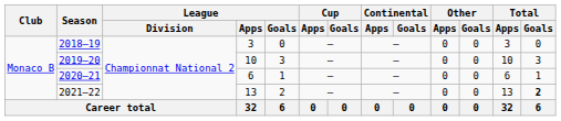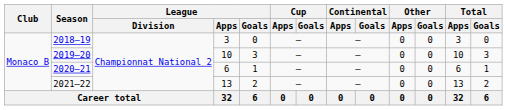 <table class="wikitable" style="text-align: center">
 <tr>
 <th rowspan="2">Club</th>
 <th rowspan="2">Season</th>
 <th colspan="3">League</th>
 <th colspan="2">Cup</th>
 <th colspan="2">Continental</th>
 <th colspan="2">Other</th>
 <th colspan="2">Total</th>
 </tr>
 <tr>
 <th>Division</th>
 <th>Apps</th>
 <th>Goals</th>
 <th>Apps</th>
 <th>Goals</th>
 <th>Apps</th>
 <th>Goals</th>
 <th>Apps</th>
 <th>Goals</th>
 <th>Apps</th>
 <th>Goals</th>
 </tr>
 <tr>
 <td rowspan="4"><a href='#'>Monaco B</a></td>
 <td><a href='#'>2018–19</a></td>
 <td rowspan="4"><a href='#'>Championnat National 2</a></td>
 <td>3</td>
 <td>0</td>
 <td colspan="2">–</td>
 <td colspan="2">–</td>
 <td>0</td>
 <td>0</td>
 <td>3</td>
 <td>0</td>
 </tr>
 <tr>
 <td><a href='#'>2019–20</a></td>
 <td>10</td>
 <td>3</td>
 <td colspan="2">–</td>
 <td colspan="2">–</td>
 <td>0</td>
 <td>0</td>
 <td>10</td>
 <td>3</td>
 </tr>
 <tr>
 <td><a href='#'>2020–21</a></td>
 <td>6</td>
 <td>1</td>
 <td colspan="2">–</td>
 <td colspan="2">–</td>
 <td>0</td>
 <td>0</td>
 <td>6</td>
 <td>1</td>
 </tr>
 <tr>
 <td>2021–22</td>
 <td>13</td>
 <td>2</td>
 <td colspan="2">–</td>
 <td colspan="2">–</td>
 <td>0</td>
 <td>0</td>
 <td>13</td>
-<td><strong>2</strong></td>
+<td>2</td>
 </tr>
 <tr>
 <th colspan="3"><strong>Career total</strong></th>
 <th>32</th>
 <th>6</th>
 <th>0</th>
 <th>0</th>
 <th>0</th>
 <th>0</th>
 <th>0</th>
 <th>0</th>
 <th>32</th>
 <th>6</th>
 </tr>
 </table>
